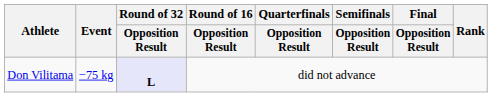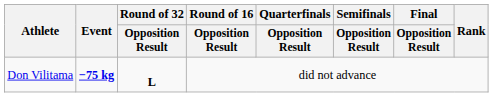 <table class="wikitable" style="font-size:90%;">
 <tr>
 <th rowspan=2>Athlete</th>
 <th rowspan=2>Event</th>
 <th>Round of 32</th>
 <th>Round of 16</th>
 <th>Quarterfinals</th>
 <th>Semifinals</th>
 <th>Final</th>
 <th rowspan=2>Rank</th>
 </tr>
 <tr style="font-size:95%">
 <th>Opposition<br>Result</th>
 <th>Opposition<br>Result</th>
 <th>Opposition<br>Result</th>
 <th>Opposition<br>Result</th>
 <th>Opposition<br>Result</th>
 </tr>
 <tr align=center>
 <td align=left><a href='#'>Don Vilitama</a></td>
-<td align=left><a href='#'>−75 kg</a></td>
-<td style="background: lavender;"><br><strong>L</strong> </td>
+<td align=left><strong><a href='#'>−75 kg</a></strong></td>
+<td><br><strong>L</strong> </td>
 <td colspan=5>did not advance</td>
 </tr>
 </table>
